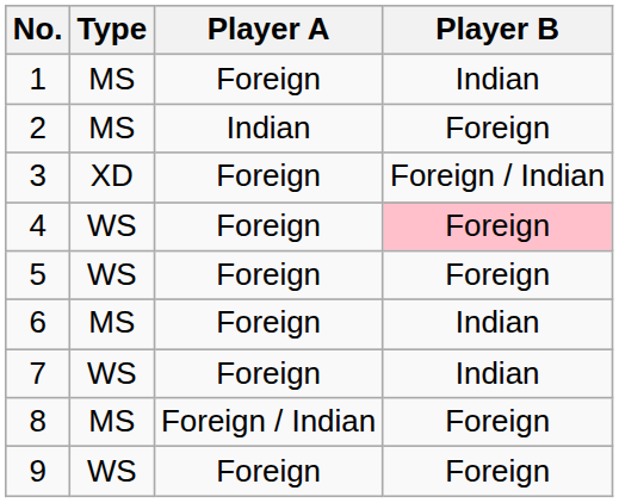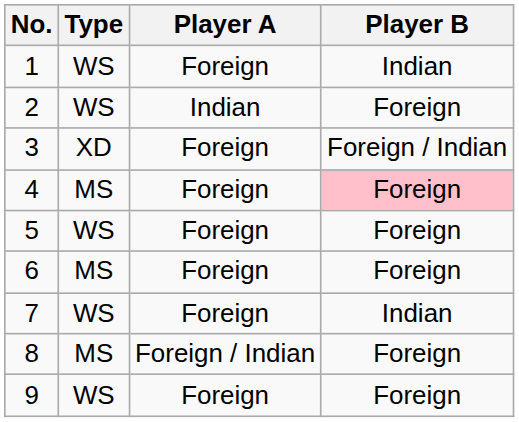 <table class="wikitable sortable" style="text-align:center;">
 <tr>
 <th>No.</th>
 <th>Type</th>
 <th>Player A</th>
 <th>Player B</th>
 </tr>
 <tr>
 <td>1</td>
-<td>MS</td>
+<td>WS</td>
 <td>Foreign</td>
 <td>Indian</td>
 </tr>
 <tr>
 <td>2</td>
-<td>MS</td>
+<td>WS</td>
 <td>Indian</td>
 <td>Foreign</td>
 </tr>
 <tr>
 <td>3</td>
 <td>XD</td>
 <td>Foreign</td>
 <td>Foreign / Indian</td>
 </tr>
 <tr>
 <td>4</td>
-<td>WS</td>
+<td>MS</td>
 <td>Foreign</td>
 <td style="background: pink;">Foreign</td>
 </tr>
 <tr>
 <td>5</td>
 <td>WS</td>
 <td>Foreign</td>
 <td>Foreign</td>
 </tr>
 <tr>
 <td>6</td>
 <td>MS</td>
 <td>Foreign</td>
-<td>Indian</td>
+<td>Foreign</td>
 </tr>
 <tr>
 <td>7</td>
 <td>WS</td>
 <td>Foreign</td>
 <td>Indian</td>
 </tr>
 <tr>
 <td>8</td>
 <td>MS</td>
 <td>Foreign / Indian</td>
 <td>Foreign</td>
 </tr>
 <tr>
 <td>9</td>
 <td>WS</td>
 <td>Foreign</td>
 <td>Foreign</td>
 </tr>
 </table>
